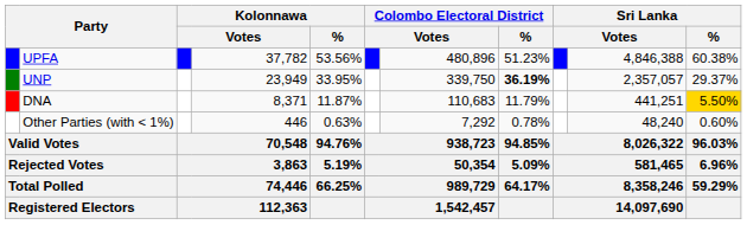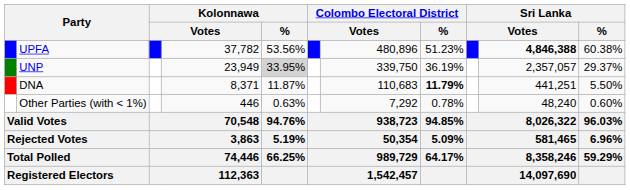 <table class="wikitable">
 <tr>
 <th colspan="2" width="144px"rowspan="2">Party</th>
 <th colspan="3" width="216px">Kolonnawa</th>
 <th colspan="3" width="216px"><a href='#'>Colombo Electoral District</a></th>
 <th colspan="3" width="216px">Sri Lanka</th>
 </tr>
 <tr>
 <th colspan="2" width="144px">Votes</th>
 <th>%</th>
 <th colspan="2" width="144px">Votes</th>
 <th>%</th>
 <th colspan="2" width="144px">Votes</th>
 <th>%</th>
 </tr>
 <tr>
 <td style="background-color:blue;" width="10px"></td>
 <td style="text-align:left;"><a href='#'>UPFA</a></td>
 <td style="background-color:blue;" width="10px"></td>
 <td style="text-align:right;">37,782</td>
 <td style="text-align:right;">53.56%</td>
 <td style="background-color:blue;" width="10px"></td>
 <td style="text-align:right;">480,896</td>
 <td style="text-align:right;">51.23%</td>
 <td style="background-color:blue;" width="10px"></td>
-<td style="text-align:right;">4,846,388</td>
+<td style="text-align:right;"><strong>4,846,388</strong></td>
 <td style="text-align:right;">60.38%</td>
 </tr>
 <tr>
 <td style="background-color:green;" width="10px"></td>
 <td style="text-align:left;"><a href='#'>UNP</a></td>
 <td style="background-color:white;" width="10px"></td>
 <td style="text-align:right;">23,949</td>
-<td style="text-align:right;">33.95%</td>
+<td style="background: lightgrey; text-align:right;">33.95%</td>
 <td style="background-color:white;" width="10px"></td>
 <td style="text-align:right;">339,750</td>
-<td style="text-align:right;"><strong>36.19%</strong></td>
+<td style="text-align:right;">36.19%</td>
 <td style="background-color:white;" width="10px"></td>
 <td style="text-align:right;">2,357,057</td>
 <td style="text-align:right;">29.37%</td>
 </tr>
 <tr>
 <td style="background-color:red;" width="10px"></td>
 <td style="text-align:left;">DNA</td>
 <td style="background-color:white;" width="10px"></td>
 <td style="text-align:right;">8,371</td>
 <td style="text-align:right;">11.87%</td>
 <td style="background-color:white;" width="10px"></td>
 <td style="text-align:right;">110,683</td>
-<td style="text-align:right;">11.79%</td>
+<td style="text-align:right;"><strong>11.79%</strong></td>
 <td style="background-color:white;" width="10px"></td>
 <td style="text-align:right;">441,251</td>
-<td style="background: gold; text-align:right;">5.50%</td>
+<td style="text-align:right;">5.50%</td>
 </tr>
 <tr>
 <td style="background-color:white;" width="10px"></td>
 <td style="text-align:left;">Other Parties (with < 1%)</td>
 <td style="background-color:white;" width="10px"></td>
 <td style="text-align:right;">446</td>
 <td style="text-align:right;">0.63%</td>
 <td style="background-color:white;" width="10px"></td>
 <td style="text-align:right;">7,292</td>
 <td style="text-align:right;">0.78%</td>
 <td style="background-color:white;" width="10px"></td>
 <td style="text-align:right;">48,240</td>
 <td style="text-align:right;">0.60%</td>
 </tr>
 <tr>
 <th colspan="2" width="144px"style="text-align:left;">Valid Votes</th>
 <th style="text-align:right;"colspan="2" width="144px">70,548</th>
 <th style="text-align:right;">94.76%</th>
 <th style="text-align:right;"colspan="2" width="144px">938,723</th>
 <th style="text-align:right;">94.85%</th>
 <th style="text-align:right;"colspan="2" width="144px">8,026,322</th>
 <th style="text-align:right;">96.03%</th>
 </tr>
 <tr>
 <th colspan="2" width="144px"style="text-align:left;">Rejected Votes</th>
 <th style="text-align:right;"colspan="2" width="144px">3,863</th>
 <th style="text-align:right;">5.19%</th>
 <th style="text-align:right;"colspan="2" width="144px">50,354</th>
 <th style="text-align:right;">5.09%</th>
 <th style="text-align:right;"colspan="2" width="144px">581,465</th>
 <th style="text-align:right;">6.96%</th>
 </tr>
 <tr>
 <th colspan="2" width="144px"style="text-align:left;">Total Polled</th>
 <th style="text-align:right;"colspan="2" width="144px">74,446</th>
 <th style="text-align:right;">66.25%</th>
 <th style="text-align:right;"colspan="2" width="144px">989,729</th>
 <th style="text-align:right;">64.17%</th>
 <th style="text-align:right;"colspan="2" width="144px">8,358,246</th>
 <th style="text-align:right;">59.29%</th>
 </tr>
 <tr>
 <th colspan="2" width="144px"style="text-align:left;">Registered Electors</th>
 <th style="text-align:right;"colspan="2" width="144px">112,363</th>
 <th></th>
 <th style="text-align:right;"colspan="2" width="144px">1,542,457</th>
 <th></th>
 <th style="text-align:right;"colspan="2" width="144px">14,097,690</th>
 <th></th>
 </tr>
 </table>
